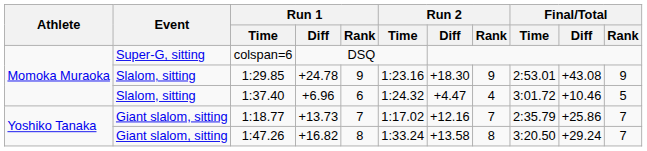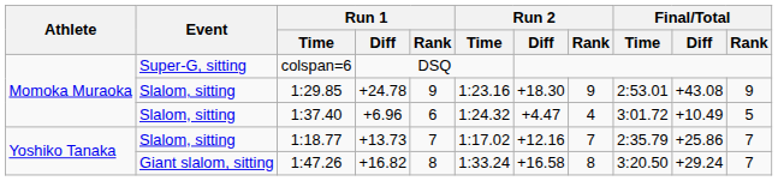 <table class="wikitable" style="font-size:90%">
 <tr>
 <th rowspan="2">Athlete</th>
 <th rowspan="2">Event</th>
 <th colspan="3">Run 1</th>
 <th colspan="3">Run 2</th>
 <th colspan="3">Final/Total</th>
 </tr>
 <tr>
 <th>Time</th>
 <th>Diff</th>
 <th>Rank</th>
 <th>Time</th>
 <th>Diff</th>
 <th>Rank</th>
 <th>Time</th>
 <th>Diff</th>
 <th>Rank</th>
 </tr>
 <tr>
 <td rowspan=3><a href='#'>Momoka Muraoka</a></td>
 <td><a href='#'>Super-G, sitting</a></td>
 <td>colspan=6 </td>
 <td align="center" colspan=3>DSQ</td>
 </tr>
 <tr>
 <td><a href='#'>Slalom, sitting</a></td>
 <td align="center">1:29.85</td>
 <td align="center">+24.78</td>
 <td align="center">9</td>
 <td align="center">1:23.16</td>
 <td align="center">+18.30</td>
 <td align="center">9</td>
 <td align="center">2:53.01</td>
 <td align="center">+43.08</td>
 <td align="center">9</td>
 </tr>
 <tr>
 <td><a href='#'>Slalom, sitting</a></td>
 <td align="center">1:37.40</td>
 <td align="center">+6.96</td>
 <td align="center">6</td>
 <td align="center">1:24.32</td>
 <td align="center">+4.47</td>
 <td align="center">4</td>
 <td align="center">3:01.72</td>
-<td align="center">+10.46</td>
+<td align="center">+10.49</td>
 <td align="center">5</td>
 </tr>
 <tr>
 <td rowspan=2><a href='#'>Yoshiko Tanaka</a></td>
-<td><a href='#'>Giant slalom, sitting</a></td>
+<td><a href='#'>Slalom, sitting</a></td>
 <td align="center">1:18.77</td>
 <td align="center">+13.73</td>
 <td align="center">7</td>
 <td align="center">1:17.02</td>
 <td align="center">+12.16</td>
 <td align="center">7</td>
 <td align="center">2:35.79</td>
 <td align="center">+25.86</td>
 <td align="center">7</td>
 </tr>
 <tr>
 <td><a href='#'>Giant slalom, sitting</a></td>
 <td align="center">1:47.26</td>
 <td align="center">+16.82</td>
 <td align="center">8</td>
 <td align="center">1:33.24</td>
-<td align="center">+13.58</td>
+<td align="center">+16.58</td>
 <td align="center">8</td>
 <td align="center">3:20.50</td>
 <td align="center">+29.24</td>
 <td align="center">7</td>
 </tr>
 </table>
